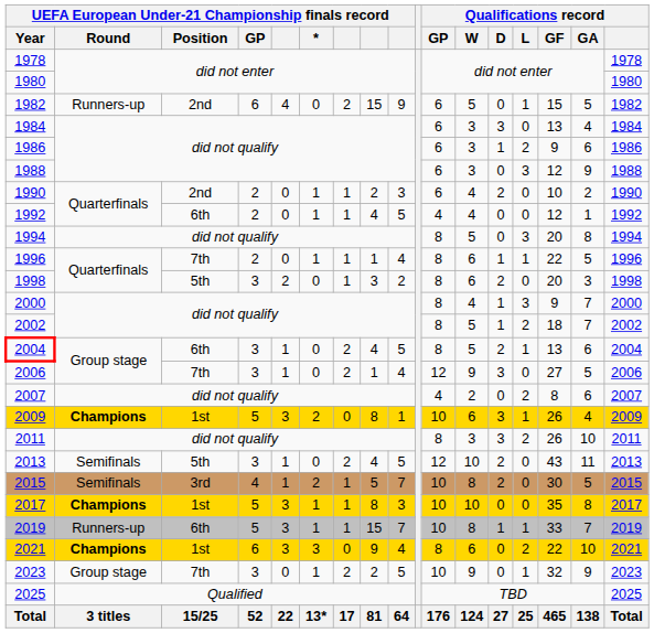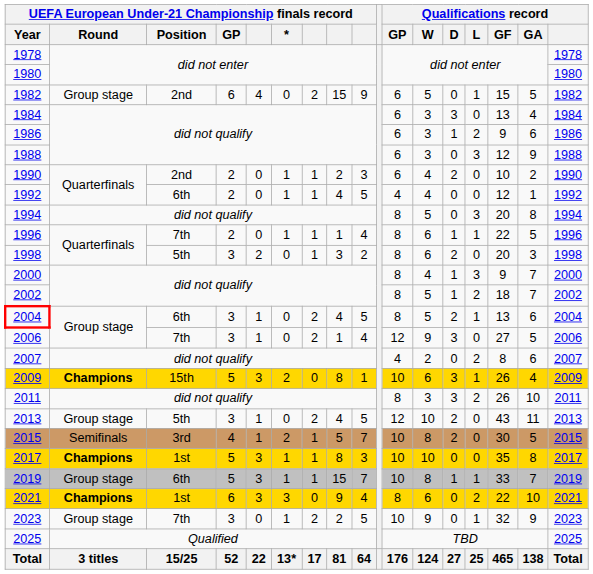 <table class="wikitable" style="text-align: center;">
 <tr>
 <th colspan=9><a href='#'>UEFA European Under-21 Championship</a> finals record</th>
 <th width=1% rowspan="2"></th>
 <th colspan=7><a href='#'>Qualifications</a> record</th>
 </tr>
 <tr>
 <th>Year</th>
 <th>Round</th>
 <th>Position</th>
 <th>GP</th>
 <th></th>
 <th>*</th>
 <th></th>
 <th></th>
 <th></th>
 <th>GP</th>
 <th>W</th>
 <th>D</th>
 <th>L</th>
 <th>GF</th>
 <th>GA</th>
 <th></th>
 </tr>
 <tr>
 <td> <a href='#'>1978</a></td>
 <td colspan=8 rowspan=2><em>did not enter</em></td>
 <th width=1% rowspan="25"></th>
 <td colspan=6 rowspan=2><em>did not enter</em></td>
 <td><a href='#'>1978</a></td>
 </tr>
 <tr>
 <td> <a href='#'>1980</a></td>
 <td><a href='#'>1980</a></td>
 </tr>
 <tr -bgcolor=silver>
 <td> <a href='#'>1982</a></td>
-<td>Runners-up</td>
+<td>Group stage</td>
 <td>2nd</td>
 <td>6</td>
 <td>4</td>
 <td>0</td>
 <td>2</td>
 <td>15</td>
 <td>9</td>
 <td>6</td>
 <td>5</td>
 <td>0</td>
 <td>1</td>
 <td>15</td>
 <td>5</td>
 <td><a href='#'>1982</a></td>
 </tr>
 <tr>
 <td> <a href='#'>1984</a></td>
 <td colspan=8 rowspan=3><em>did not qualify</em></td>
 <td>6</td>
 <td>3</td>
 <td>3</td>
 <td>0</td>
 <td>13</td>
 <td>4</td>
 <td><a href='#'>1984</a></td>
 </tr>
 <tr>
 <td> <a href='#'>1986</a></td>
 <td>6</td>
 <td>3</td>
 <td>1</td>
 <td>2</td>
 <td>9</td>
 <td>6</td>
 <td><a href='#'>1986</a></td>
 </tr>
 <tr>
 <td> <a href='#'>1988</a></td>
 <td>6</td>
 <td>3</td>
 <td>0</td>
 <td>3</td>
 <td>12</td>
 <td>9</td>
 <td><a href='#'>1988</a></td>
 </tr>
 <tr>
 <td> <a href='#'>1990</a></td>
 <td rowspan=2>Quarterfinals</td>
 <td>2nd</td>
 <td>2</td>
 <td>0</td>
 <td>1</td>
 <td>1</td>
 <td>2</td>
 <td>3</td>
 <td>6</td>
 <td>4</td>
 <td>2</td>
 <td>0</td>
 <td>10</td>
 <td>2</td>
 <td><a href='#'>1990</a></td>
 </tr>
 <tr>
 <td> <a href='#'>1992</a></td>
 <td>6th</td>
 <td>2</td>
 <td>0</td>
 <td>1</td>
 <td>1</td>
 <td>4</td>
 <td>5</td>
 <td>4</td>
 <td>4</td>
 <td>0</td>
 <td>0</td>
 <td>12</td>
 <td>1</td>
 <td><a href='#'>1992</a></td>
 </tr>
 <tr>
 <td> <a href='#'>1994</a></td>
 <td colspan=8><em>did not qualify</em></td>
 <td>8</td>
 <td>5</td>
 <td>0</td>
 <td>3</td>
 <td>20</td>
 <td>8</td>
 <td><a href='#'>1994</a></td>
 </tr>
 <tr>
 <td> <a href='#'>1996</a></td>
 <td rowspan=2>Quarterfinals</td>
 <td>7th</td>
 <td>2</td>
 <td>0</td>
 <td>1</td>
 <td>1</td>
 <td>1</td>
 <td>4</td>
 <td>8</td>
 <td>6</td>
 <td>1</td>
 <td>1</td>
 <td>22</td>
 <td>5</td>
 <td><a href='#'>1996</a></td>
 </tr>
 <tr>
 <td> <a href='#'>1998</a></td>
 <td>5th</td>
 <td>3</td>
 <td>2</td>
 <td>0</td>
 <td>1</td>
 <td>3</td>
 <td>2</td>
 <td>8</td>
 <td>6</td>
 <td>2</td>
 <td>0</td>
 <td>20</td>
 <td>3</td>
 <td><a href='#'>1998</a></td>
 </tr>
 <tr>
 <td> <a href='#'>2000</a></td>
 <td colspan=8 rowspan=2><em>did not qualify</em></td>
 <td>8</td>
 <td>4</td>
 <td>1</td>
 <td>3</td>
 <td>9</td>
 <td>7</td>
 <td><a href='#'>2000</a></td>
 </tr>
 <tr>
 <td> <a href='#'>2002</a></td>
 <td>8</td>
 <td>5</td>
 <td>1</td>
 <td>2</td>
 <td>18</td>
 <td>7</td>
 <td><a href='#'>2002</a></td>
 </tr>
 <tr>
 <td style="border: 3px solid red"> <a href='#'>2004</a></td>
 <td rowspan=2>Group stage</td>
 <td>6th</td>
 <td>3</td>
 <td>1</td>
 <td>0</td>
 <td>2</td>
 <td>4</td>
 <td>5</td>
 <td>8</td>
 <td>5</td>
 <td>2</td>
 <td>1</td>
 <td>13</td>
 <td>6</td>
 <td><a href='#'>2004</a></td>
 </tr>
 <tr>
 <td> <a href='#'>2006</a></td>
 <td>7th</td>
 <td>3</td>
 <td>1</td>
 <td>0</td>
 <td>2</td>
 <td>1</td>
 <td>4</td>
 <td>12</td>
 <td>9</td>
 <td>3</td>
 <td>0</td>
 <td>27</td>
 <td>5</td>
 <td><a href='#'>2006</a></td>
 </tr>
 <tr>
 <td> <a href='#'>2007</a></td>
 <td colspan=8><em>did not qualify</em></td>
 <td>4</td>
 <td>2</td>
 <td>0</td>
 <td>2</td>
 <td>8</td>
 <td>6</td>
 <td><a href='#'>2007</a></td>
 </tr>
 <tr bgcolor=gold>
 <td> <a href='#'>2009</a></td>
 <td><strong>Champions</strong></td>
-<td>1st</td>
+<td>15th</td>
 <td>5</td>
 <td>3</td>
 <td>2</td>
 <td>0</td>
 <td>8</td>
 <td>1</td>
 <td>10</td>
 <td>6</td>
 <td>3</td>
 <td>1</td>
 <td>26</td>
 <td>4</td>
 <td><a href='#'>2009</a></td>
 </tr>
 <tr>
 <td> <a href='#'>2011</a></td>
 <td colspan=8><em>did not qualify</em></td>
 <td>8</td>
 <td>3</td>
 <td>3</td>
 <td>2</td>
 <td>26</td>
 <td>10</td>
 <td><a href='#'>2011</a></td>
 </tr>
 <tr>
 <td> <a href='#'>2013</a></td>
-<td>Semifinals</td>
+<td>Group stage</td>
 <td>5th</td>
 <td>3</td>
 <td>1</td>
 <td>0</td>
 <td>2</td>
 <td>4</td>
 <td>5</td>
 <td>12</td>
 <td>10</td>
 <td>2</td>
 <td>0</td>
 <td>43</td>
 <td>11</td>
 <td><a href='#'>2013</a></td>
 </tr>
 <tr bgcolor="#cc9966">
 <td> <a href='#'>2015</a></td>
 <td>Semifinals</td>
 <td>3rd</td>
 <td>4</td>
 <td>1</td>
 <td>2</td>
 <td>1</td>
 <td>5</td>
 <td>7</td>
 <td>10</td>
 <td>8</td>
 <td>2</td>
 <td>0</td>
 <td>30</td>
 <td>5</td>
 <td><a href='#'>2015</a></td>
 </tr>
 <tr bgcolor=gold>
 <td> <a href='#'>2017</a></td>
 <td><strong>Champions</strong></td>
 <td>1st</td>
 <td>5</td>
 <td>3</td>
 <td>1</td>
 <td>1</td>
 <td>8</td>
 <td>3</td>
 <td>10</td>
 <td>10</td>
 <td>0</td>
 <td>0</td>
 <td>35</td>
 <td>8</td>
 <td><a href='#'>2017</a></td>
 </tr>
 <tr bgcolor=silver>
 <td> <a href='#'>2019</a></td>
-<td>Runners-up</td>
+<td>Group stage</td>
 <td>6th</td>
 <td>5</td>
 <td>3</td>
 <td>1</td>
 <td>1</td>
 <td>15</td>
 <td>7</td>
 <td>10</td>
 <td>8</td>
 <td>1</td>
 <td>1</td>
 <td>33</td>
 <td>7</td>
 <td><a href='#'>2019</a></td>
 </tr>
 <tr bgcolor=gold>
 <td>  <a href='#'>2021</a></td>
 <td><strong>Champions</strong></td>
 <td>1st</td>
 <td>6</td>
 <td>3</td>
 <td>3</td>
 <td>0</td>
 <td>9</td>
 <td>4</td>
 <td>8</td>
 <td>6</td>
 <td>0</td>
 <td>2</td>
 <td>22</td>
 <td>10</td>
 <td><a href='#'>2021</a></td>
 </tr>
 <tr>
 <td>  <a href='#'>2023</a></td>
 <td>Group stage</td>
 <td>7th</td>
 <td>3</td>
 <td>0</td>
 <td>1</td>
 <td>2</td>
 <td>2</td>
 <td>5</td>
 <td>10</td>
 <td>9</td>
 <td>0</td>
 <td>1</td>
 <td>32</td>
 <td>9</td>
 <td><a href='#'>2023</a></td>
 </tr>
 <tr>
 <td> <a href='#'>2025</a></td>
 <td colspan=8><em>Qualified</em></td>
 <td colspan=6><em>TBD</em></td>
 <td><a href='#'>2025</a></td>
 </tr>
 <tr>
 <th>Total</th>
 <th>3 titles</th>
 <th>15/25</th>
 <th>52</th>
 <th>22</th>
 <th>13*</th>
 <th>17</th>
 <th>81</th>
 <th>64</th>
 <th width=1%></th>
 <th>176</th>
 <th>124</th>
 <th>27</th>
 <th>25</th>
 <th>465</th>
 <th>138</th>
 <th>Total</th>
 </tr>
 </table>
